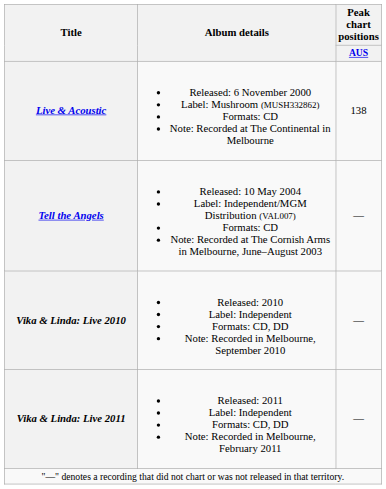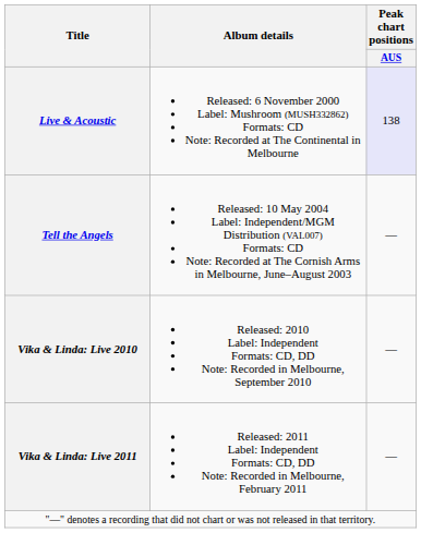 <table class="wikitable plainrowheaders" style="text-align:center;">
 <tr>
 <th scope="col" rowspan="2" style="width:12em;">Title</th>
 <th scope="col" rowspan="2" style="width:18em;">Album details</th>
 <th scope="col" colspan="1">Peak chart positions</th>
 </tr>
 <tr>
 <th scope="col" style="width:3em;font-size:90%;"><a href='#'>AUS</a><br></th>
 </tr>
 <tr>
 <th scope="row"><em><a href='#'>Live & Acoustic</a></em></th>
 <td><br><ul><li>Released: 6 November 2000</li><li>Label: Mushroom <small>(MUSH332862)</small></li><li>Formats: CD</li><li>Note: Recorded at The Continental in Melbourne</li></ul></td>
-<td>138</td>
+<td style="background: lavender;">138</td>
 </tr>
 <tr>
 <th scope="row"><em><a href='#'>Tell the Angels</a></em></th>
 <td><br><ul><li>Released: 10 May 2004</li><li>Label: Independent/MGM Distribution <small>(VAL007)</small></li><li>Formats: CD</li><li>Note: Recorded at The Cornish Arms in Melbourne, June–August 2003</li></ul></td>
 <td>—</td>
 </tr>
 <tr>
 <th scope="row"><em>Vika & Linda: Live 2010</em></th>
 <td><br><ul><li>Released: 2010</li><li>Label: Independent</li><li>Formats: CD, DD</li><li>Note: Recorded in Melbourne, September 2010</li></ul></td>
 <td>—</td>
 </tr>
 <tr>
 <th scope="row"><em>Vika & Linda: Live 2011</em></th>
 <td><br><ul><li>Released: 2011</li><li>Label: Independent</li><li>Formats: CD, DD</li><li>Note: Recorded in Melbourne, February 2011</li></ul></td>
 <td>—</td>
 </tr>
 <tr>
 <td colspan="5" style="font-size:90%">"—" denotes a recording that did not chart or was not released in that territory.</td>
 </tr>
 </table>
